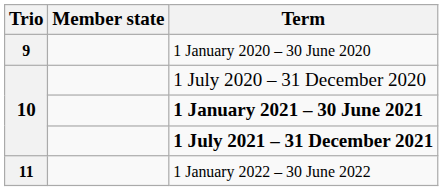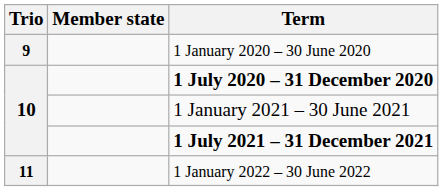 <table class="wikitable">
 <tr>
 <th>Trio</th>
 <th>Member state</th>
 <th>Term</th>
 </tr>
 <tr>
 <th><small>9</small></th>
 <td><small></small></td>
 <td><small>1 January 2020 – 30 June 2020</small></td>
 </tr>
 <tr>
 <th rowspan="3">10</th>
 <td></td>
-<td>1 July 2020 – 31 December 2020</td>
+<td><strong>1 July 2020 – 31 December 2020</strong></td>
 </tr>
 <tr>
 <td></td>
-<td><strong>1 January 2021 – 30 June 2021</strong></td>
+<td>1 January 2021 – 30 June 2021</td>
 </tr>
 <tr>
 <td><strong></strong></td>
 <td><strong>1 July 2021 – 31 December 2021</strong></td>
 </tr>
 <tr>
 <th><small>11</small></th>
 <td><small></small></td>
 <td><small>1 January 2022 – 30 June 2022</small></td>
 </tr>
 </table>
